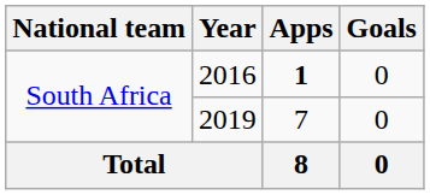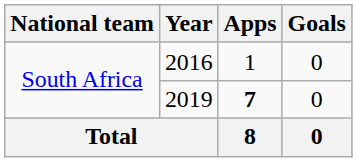 <table class="wikitable" style="text-align:center">
 <tr>
 <th>National team</th>
 <th>Year</th>
 <th>Apps</th>
 <th>Goals</th>
 </tr>
 <tr>
 <td rowspan="2"><a href='#'>South Africa</a></td>
 <td>2016</td>
-<td><strong>1</strong></td>
+<td>1</td>
 <td>0</td>
 </tr>
 <tr>
 <td>2019</td>
-<td>7</td>
+<td><strong>7</strong></td>
 <td>0</td>
 </tr>
 <tr>
 <th colspan="2">Total</th>
 <th>8</th>
 <th>0</th>
 </tr>
 </table>
